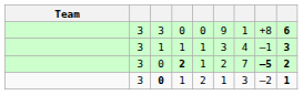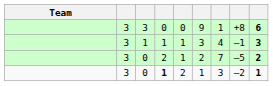 <table class="wikitable" style="text-align:center;">
 <tr>
 <th width=150>Team</th>
 <th width=20></th>
 <th width=20></th>
 <th width=20></th>
 <th width=20></th>
 <th width=20></th>
 <th width=20></th>
 <th width=20></th>
 <th width=20></th>
 </tr>
 <tr bgcolor="#ccffcc">
 <td align="left"></td>
 <td>3</td>
 <td>3</td>
 <td>0</td>
 <td>0</td>
 <td>9</td>
 <td>1</td>
 <td>+8</td>
 <td><strong>6</strong></td>
 </tr>
 <tr bgcolor="#ccffcc">
 <td align="left"></td>
 <td>3</td>
 <td>1</td>
 <td>1</td>
 <td>1</td>
 <td>3</td>
 <td>4</td>
 <td>–1</td>
 <td><strong>3</strong></td>
 </tr>
 <tr bgcolor="#ccffcc">
 <td align="left"></td>
 <td>3</td>
 <td>0</td>
-<td><strong>2</strong></td>
+<td>2</td>
 <td>1</td>
 <td>2</td>
 <td>7</td>
-<td><strong>–5</strong></td>
+<td>–5</td>
 <td><strong>2</strong></td>
 </tr>
 <tr>
 <td align="left"></td>
 <td>3</td>
-<td><strong>0</strong></td>
-<td>1</td>
+<td>0</td>
+<td><strong>1</strong></td>
 <td>2</td>
 <td>1</td>
 <td>3</td>
 <td>–2</td>
 <td><strong>1</strong></td>
 </tr>
 </table>
